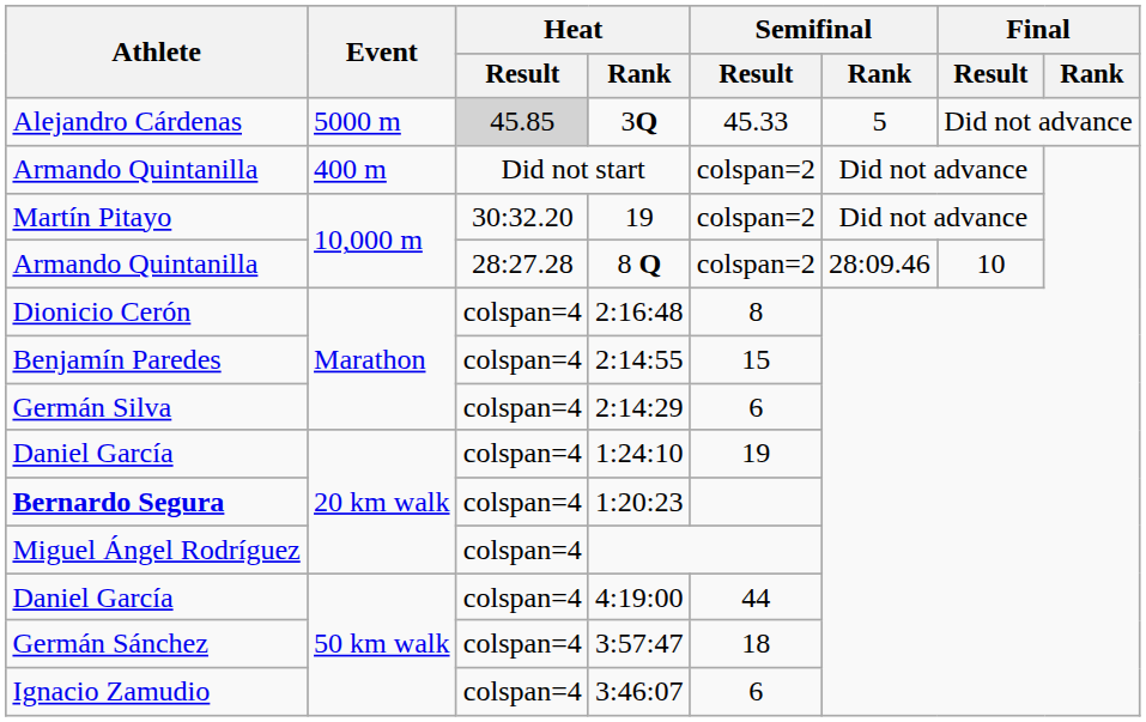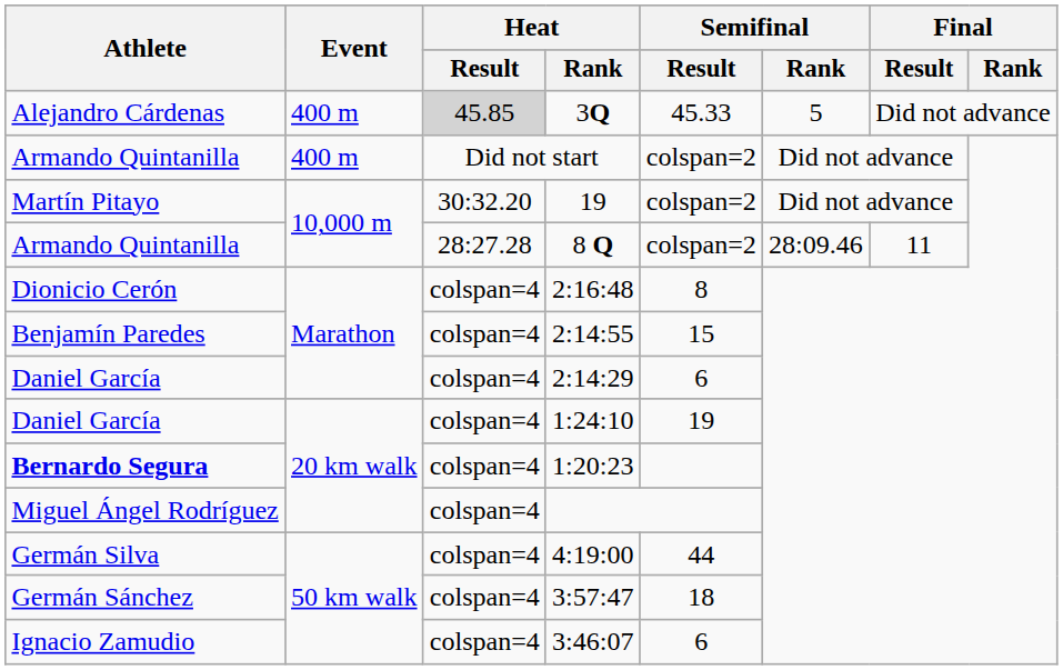 <table class="wikitable" style="font-size:90%">
 <tr>
 <th rowspan="2">Athlete</th>
 <th rowspan="2">Event</th>
 <th colspan="2">Heat</th>
 <th colspan="2">Semifinal</th>
 <th colspan="2">Final</th>
 </tr>
 <tr style="font-size:95%">
 <th>Result</th>
 <th>Rank</th>
 <th>Result</th>
 <th>Rank</th>
 <th>Result</th>
 <th>Rank</th>
 </tr>
 <tr align=center>
 <td align=left><a href='#'>Alejandro Cárdenas</a></td>
-<td align=left><a href='#'>5000 m</a></td>
+<td align=left><a href='#'>400 m</a></td>
 <td style="background: lightgrey;">45.85</td>
 <td>3<strong>Q</strong></td>
 <td>45.33</td>
 <td>5</td>
 <td colspan=2>Did not advance</td>
 </tr>
 <tr align=center>
 <td align=left><a href='#'>Armando Quintanilla</a></td>
 <td align=left><a href='#'>400 m</a></td>
 <td colspan=2>Did not start</td>
 <td>colspan=2 </td>
 <td colspan=2>Did not advance</td>
 </tr>
 <tr align=center>
 <td align=left><a href='#'>Martín Pitayo</a></td>
 <td align=left rowspan=2><a href='#'>10,000 m</a></td>
 <td>30:32.20</td>
 <td>19</td>
 <td>colspan=2 </td>
 <td colspan=2>Did not advance</td>
 </tr>
 <tr align=center>
 <td align=left><a href='#'>Armando Quintanilla</a></td>
 <td>28:27.28</td>
 <td>8 <strong>Q</strong></td>
 <td>colspan=2 </td>
 <td>28:09.46</td>
-<td>10</td>
+<td>11</td>
 </tr>
 <tr align=center>
 <td align=left><a href='#'>Dionicio Cerón</a></td>
 <td align=left rowspan=3><a href='#'>Marathon</a></td>
 <td>colspan=4 </td>
 <td>2:16:48</td>
 <td>8</td>
 </tr>
 <tr align=center>
 <td align=left><a href='#'>Benjamín Paredes</a></td>
 <td>colspan=4 </td>
 <td>2:14:55</td>
 <td>15</td>
 </tr>
 <tr align=center>
-<td align=left><a href='#'>Germán Silva</a></td>
+<td align=left><a href='#'>Daniel García</a></td>
 <td>colspan=4 </td>
 <td>2:14:29</td>
 <td>6</td>
 </tr>
 <tr align=center>
 <td align=left><a href='#'>Daniel García</a></td>
 <td align=left rowspan=3><a href='#'>20 km walk</a></td>
 <td>colspan=4 </td>
 <td>1:24:10</td>
 <td>19</td>
 </tr>
 <tr align=center>
 <td align=left><strong><a href='#'>Bernardo Segura</a></strong></td>
 <td>colspan=4 </td>
 <td>1:20:23</td>
 <td></td>
 </tr>
 <tr align=center>
 <td align=left><a href='#'>Miguel Ángel Rodríguez</a></td>
 <td>colspan=4 </td>
 <td colspan=2></td>
 </tr>
 <tr align=center>
-<td align=left><a href='#'>Daniel García</a></td>
+<td align=left><a href='#'>Germán Silva</a></td>
 <td rowspan="3" align="left"><a href='#'>50 km walk</a></td>
 <td>colspan=4 </td>
 <td>4:19:00</td>
 <td>44</td>
 </tr>
 <tr align=center>
 <td align=left><a href='#'>Germán Sánchez</a></td>
 <td>colspan=4 </td>
 <td>3:57:47</td>
 <td>18</td>
 </tr>
 <tr align=center>
 <td align=left><a href='#'>Ignacio Zamudio</a></td>
 <td>colspan=4 </td>
 <td>3:46:07</td>
 <td>6</td>
 </tr>
 </table>
